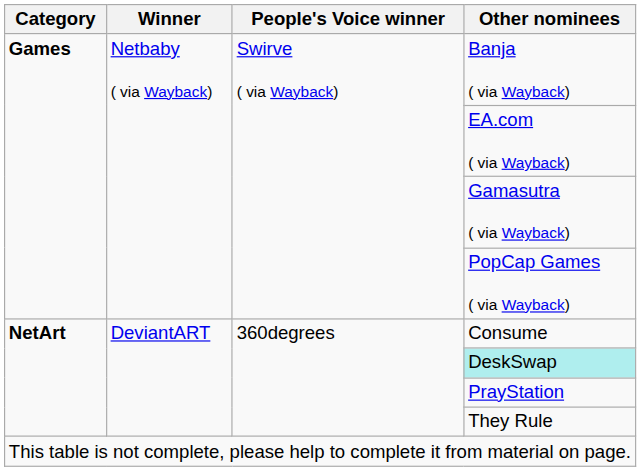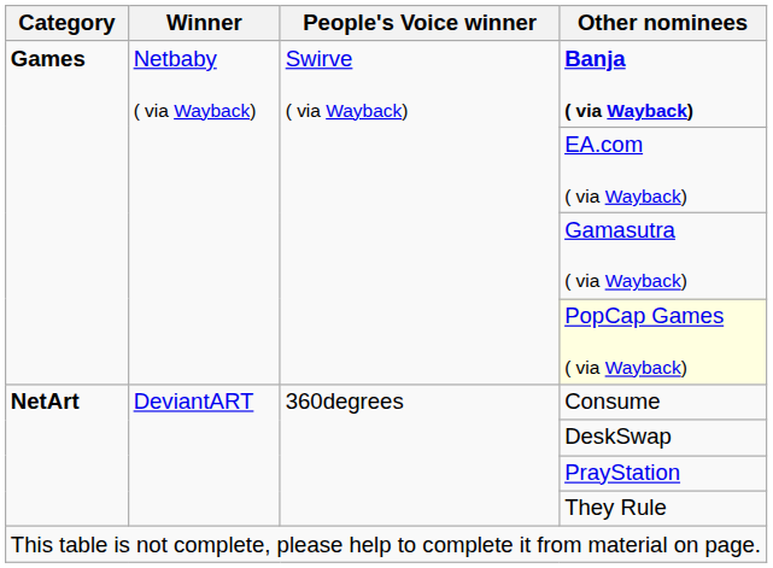 <table class="wikitable">
 <tr>
 <th>Category</th>
 <th>Winner</th>
 <th>People's Voice winner</th>
 <th>Other nominees</th>
 </tr>
 <tr valign="top">
 <td rowspan="4"><strong>Games</strong></td>
 <td rowspan="4"><a href='#'>Netbaby</a><br><br><small>( via <a href='#'>Wayback</a>)</small></td>
 <td rowspan="4"><a href='#'>Swirve</a><br><br><small>( via <a href='#'>Wayback</a>)</small></td>
-<td><a href='#'>Banja</a><br><br><small>( via <a href='#'>Wayback</a>)</small></td>
+<td><strong><a href='#'>Banja</a><br><br><small>( via <a href='#'>Wayback</a>)</small></strong></td>
 </tr>
 <tr valign="top">
 <td><a href='#'>EA.com</a><br><br><small>( via <a href='#'>Wayback</a>)</small></td>
 </tr>
 <tr valign="top">
 <td><a href='#'>Gamasutra</a><br><br><small>( via <a href='#'>Wayback</a>)</small></td>
 </tr>
 <tr valign="top">
-<td><a href='#'>PopCap Games</a><br><br><small>( via <a href='#'>Wayback</a>)</small></td>
+<td style="background: lightyellow;"><a href='#'>PopCap Games</a><br><br><small>( via <a href='#'>Wayback</a>)</small></td>
 </tr>
 <tr valign="top">
 <td rowspan="4"><strong>NetArt</strong></td>
 <td rowspan="4"><a href='#'>DeviantART</a></td>
 <td rowspan="4">360degrees</td>
 <td>Consume</td>
 </tr>
 <tr valign="top">
-<td style="background: paleturquoise;">DeskSwap</td>
+<td>DeskSwap</td>
 </tr>
 <tr valign="top">
 <td><a href='#'>PrayStation</a></td>
 </tr>
 <tr valign="top">
 <td>They Rule</td>
 </tr>
 <tr>
 <td colspan=4>This table is not complete, please help to complete it from material on  page.</td>
 </tr>
 </table>
